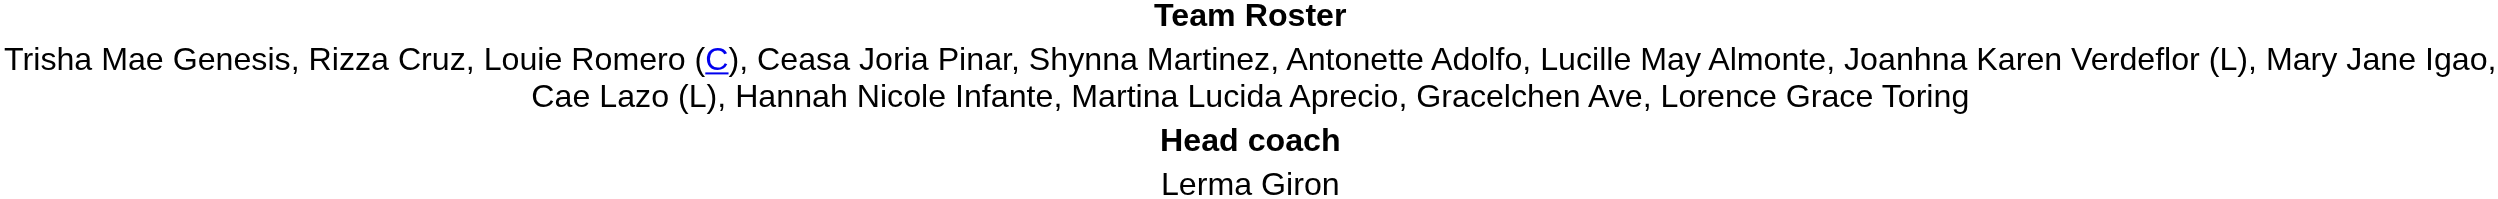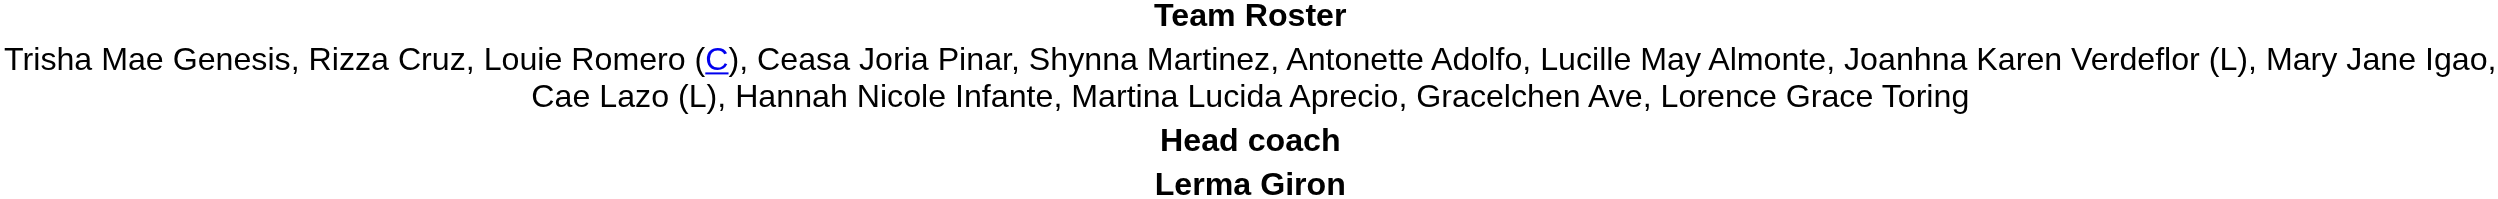 <table style="text-align:center; margin-top:2em; margin-left:auto; margin-right:auto">
 <tr>
 <td><strong>Team Roster</strong></td>
 </tr>
 <tr>
 <td>Trisha Mae Genesis, Rizza Cruz, Louie Romero (<a href='#'>C</a>), Ceasa Joria Pinar, Shynna Martinez, Antonette Adolfo, Lucille May Almonte, Joanhna Karen Verdeflor (L), Mary Jane Igao, Cae Lazo (L), Hannah Nicole Infante, Martina Lucida Aprecio, Gracelchen Ave, Lorence Grace Toring</td>
 </tr>
 <tr>
 <td><strong>Head coach</strong></td>
 </tr>
 <tr>
-<td>Lerma Giron</td>
+<td><strong>Lerma Giron</strong></td>
 </tr>
 </table>
